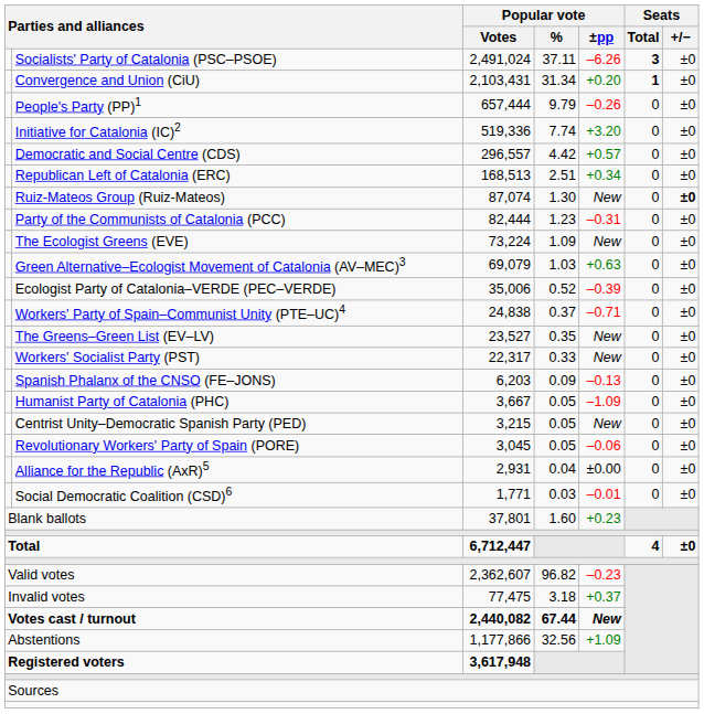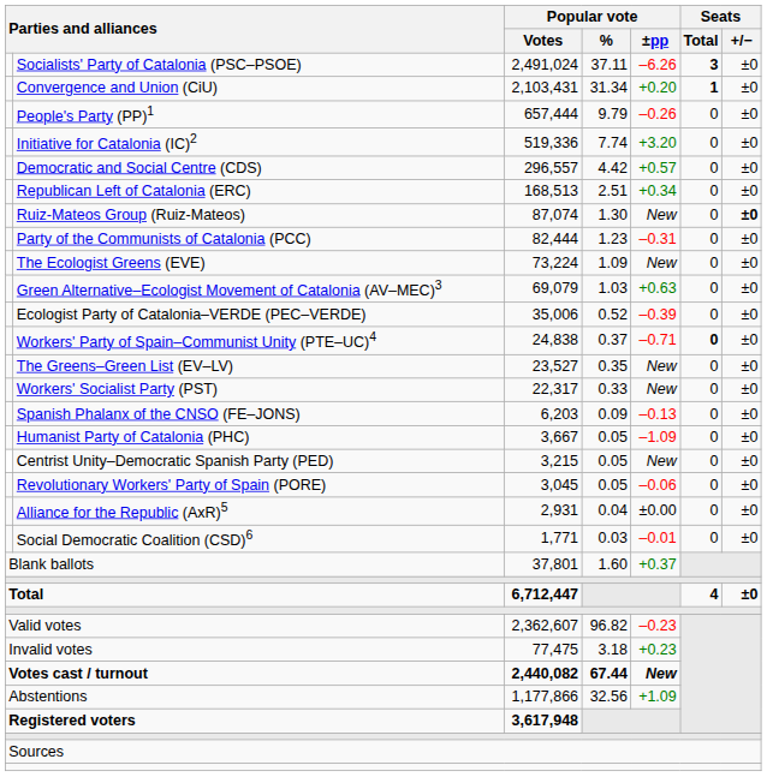 <table class="wikitable" style="text-align:right;">
 <tr>
 <th style="text-align:left;" rowspan="2" colspan="2" width="525">Parties and alliances</th>
 <th colspan="3">Popular vote</th>
 <th colspan="2">Seats</th>
 </tr>
 <tr>
 <th width="75">Votes</th>
 <th width="45">%</th>
 <th width="45">±<a href='#'>pp</a></th>
 <th width="35">Total</th>
 <th width="35">+/−</th>
 </tr>
 <tr>
 <td width="1" style="color:inherit;background:"></td>
 <td align="left"><a href='#'>Socialists' Party of Catalonia</a> (PSC–PSOE)</td>
 <td>2,491,024</td>
 <td>37.11</td>
 <td style="color:red;">–6.26</td>
 <td><strong>3</strong></td>
 <td>±0</td>
 </tr>
 <tr>
 <td style="color:inherit;background:"></td>
 <td align="left"><a href='#'>Convergence and Union</a> (CiU)</td>
 <td>2,103,431</td>
 <td>31.34</td>
 <td style="color:green;">+0.20</td>
 <td><strong>1</strong></td>
 <td>±0</td>
 </tr>
 <tr>
 <td style="color:inherit;background:"></td>
 <td align="left"><a href='#'>People's Party</a> (PP)<sup>1</sup></td>
 <td>657,444</td>
 <td>9.79</td>
 <td style="color:red;">–0.26</td>
 <td>0</td>
 <td>±0</td>
 </tr>
 <tr>
 <td style="color:inherit;background:"></td>
 <td align="left"><a href='#'>Initiative for Catalonia</a> (IC)<sup>2</sup></td>
 <td>519,336</td>
 <td>7.74</td>
 <td style="color:green;">+3.20</td>
 <td>0</td>
 <td>±0</td>
 </tr>
 <tr>
 <td style="color:inherit;background:"></td>
 <td align="left"><a href='#'>Democratic and Social Centre</a> (CDS)</td>
 <td>296,557</td>
 <td>4.42</td>
 <td style="color:green;">+0.57</td>
 <td>0</td>
 <td>±0</td>
 </tr>
 <tr>
 <td style="color:inherit;background:"></td>
 <td align="left"><a href='#'>Republican Left of Catalonia</a> (ERC)</td>
 <td>168,513</td>
 <td>2.51</td>
 <td style="color:green;">+0.34</td>
 <td>0</td>
 <td>±0</td>
 </tr>
 <tr>
 <td style="color:inherit;background:"></td>
 <td align="left"><a href='#'>Ruiz-Mateos Group</a> (Ruiz-Mateos)</td>
 <td>87,074</td>
 <td>1.30</td>
 <td><em>New</em></td>
 <td>0</td>
 <td><strong>±0</strong></td>
 </tr>
 <tr>
 <td style="color:inherit;background:"></td>
 <td align="left"><a href='#'>Party of the Communists of Catalonia</a> (PCC)</td>
 <td>82,444</td>
 <td>1.23</td>
 <td style="color:red;">–0.31</td>
 <td>0</td>
 <td>±0</td>
 </tr>
 <tr>
 <td style="color:inherit;background:"></td>
 <td align="left"><a href='#'>The Ecologist Greens</a> (EVE)</td>
 <td>73,224</td>
 <td>1.09</td>
 <td><em>New</em></td>
 <td>0</td>
 <td>±0</td>
 </tr>
 <tr>
 <td style="color:inherit;background:"></td>
 <td align="left"><a href='#'>Green Alternative–Ecologist Movement of Catalonia</a> (AV–MEC)<sup>3</sup></td>
 <td>69,079</td>
 <td>1.03</td>
 <td style="color:green;">+0.63</td>
 <td>0</td>
 <td>±0</td>
 </tr>
 <tr>
 <td style="color:inherit;background:"></td>
 <td align="left">Ecologist Party of Catalonia–VERDE (PEC–VERDE)</td>
 <td>35,006</td>
 <td>0.52</td>
 <td style="color:red;">–0.39</td>
 <td>0</td>
 <td>±0</td>
 </tr>
 <tr>
 <td style="color:inherit;background:"></td>
 <td align="left"><a href='#'>Workers' Party of Spain–Communist Unity</a> (PTE–UC)<sup>4</sup></td>
 <td>24,838</td>
 <td>0.37</td>
 <td style="color:red;">–0.71</td>
-<td>0</td>
+<td><strong>0</strong></td>
 <td>±0</td>
 </tr>
 <tr>
 <td style="color:inherit;background:"></td>
 <td align="left"><a href='#'>The Greens–Green List</a> (EV–LV)</td>
 <td>23,527</td>
 <td>0.35</td>
 <td><em>New</em></td>
 <td>0</td>
 <td>±0</td>
 </tr>
 <tr>
 <td style="color:inherit;background:"></td>
 <td align="left"><a href='#'>Workers' Socialist Party</a> (PST)</td>
 <td>22,317</td>
 <td>0.33</td>
 <td><em>New</em></td>
 <td>0</td>
 <td>±0</td>
 </tr>
 <tr>
 <td style="color:inherit;background:"></td>
 <td align="left"><a href='#'>Spanish Phalanx of the CNSO</a> (FE–JONS)</td>
 <td>6,203</td>
 <td>0.09</td>
 <td style="color:red;">–0.13</td>
 <td>0</td>
 <td>±0</td>
 </tr>
 <tr>
 <td style="color:inherit;background:"></td>
 <td align="left"><a href='#'>Humanist Party of Catalonia</a> (PHC)</td>
 <td>3,667</td>
 <td>0.05</td>
 <td style="color:red;">–1.09</td>
 <td>0</td>
 <td>±0</td>
 </tr>
 <tr>
 <td bgcolor="white"></td>
 <td align="left">Centrist Unity–Democratic Spanish Party (PED)</td>
 <td>3,215</td>
 <td>0.05</td>
 <td><em>New</em></td>
 <td>0</td>
 <td>±0</td>
 </tr>
 <tr>
 <td style="color:inherit;background:"></td>
 <td align="left"><a href='#'>Revolutionary Workers' Party of Spain</a> (PORE)</td>
 <td>3,045</td>
 <td>0.05</td>
 <td style="color:red;">–0.06</td>
 <td>0</td>
 <td>±0</td>
 </tr>
 <tr>
 <td style="color:inherit;background:"></td>
 <td align="left"><a href='#'>Alliance for the Republic</a> (AxR)<sup>5</sup></td>
 <td>2,931</td>
 <td>0.04</td>
 <td>±0.00</td>
 <td>0</td>
 <td>±0</td>
 </tr>
 <tr>
 <td style="color:inherit;background:"></td>
 <td align="left">Social Democratic Coalition (CSD)<sup>6</sup></td>
 <td>1,771</td>
 <td>0.03</td>
 <td style="color:red;">–0.01</td>
 <td>0</td>
 <td>±0</td>
 </tr>
 <tr>
 <td align="left" colspan="2">Blank ballots</td>
 <td>37,801</td>
 <td>1.60</td>
-<td style="color:green;">+0.23</td>
+<td style="color:green;">+0.37</td>
 <td bgcolor="#E9E9E9" colspan="2"></td>
 </tr>
 <tr>
 <td colspan="7" bgcolor="#E9E9E9"></td>
 </tr>
 <tr style="font-weight:bold;">
 <td align="left" colspan="2">Total</td>
 <td>6,712,447</td>
 <td bgcolor="#E9E9E9" colspan="2"></td>
 <td>4</td>
 <td>±0</td>
 </tr>
 <tr>
 <td colspan="7" bgcolor="#E9E9E9"></td>
 </tr>
 <tr>
 <td align="left" colspan="2">Valid votes</td>
 <td>2,362,607</td>
 <td>96.82</td>
 <td style="color:red;">–0.23</td>
 <td bgcolor="#E9E9E9" colspan="2" rowspan="5"></td>
 </tr>
 <tr>
 <td align="left" colspan="2">Invalid votes</td>
 <td>77,475</td>
 <td>3.18</td>
-<td style="color:green;">+0.37</td>
+<td style="color:green;">+0.23</td>
 </tr>
 <tr style="font-weight:bold;">
 <td align="left" colspan="2">Votes cast / turnout</td>
 <td>2,440,082</td>
 <td>67.44</td>
 <td><em>New</em></td>
 </tr>
 <tr>
 <td align="left" colspan="2">Abstentions</td>
 <td>1,177,866</td>
 <td>32.56</td>
 <td style="color:green;">+1.09</td>
 </tr>
 <tr style="font-weight:bold;">
 <td align="left" colspan="2">Registered voters</td>
 <td>3,617,948</td>
 <td bgcolor="#E9E9E9" colspan="2"></td>
 </tr>
 <tr>
 <td colspan="7" bgcolor="#E9E9E9"></td>
 </tr>
 <tr>
 <td align="left" colspan="7">Sources</td>
 </tr>
 <tr>
 <td colspan="7" style="text-align:left; max-width:790px;"></td>
 </tr>
 </table>
